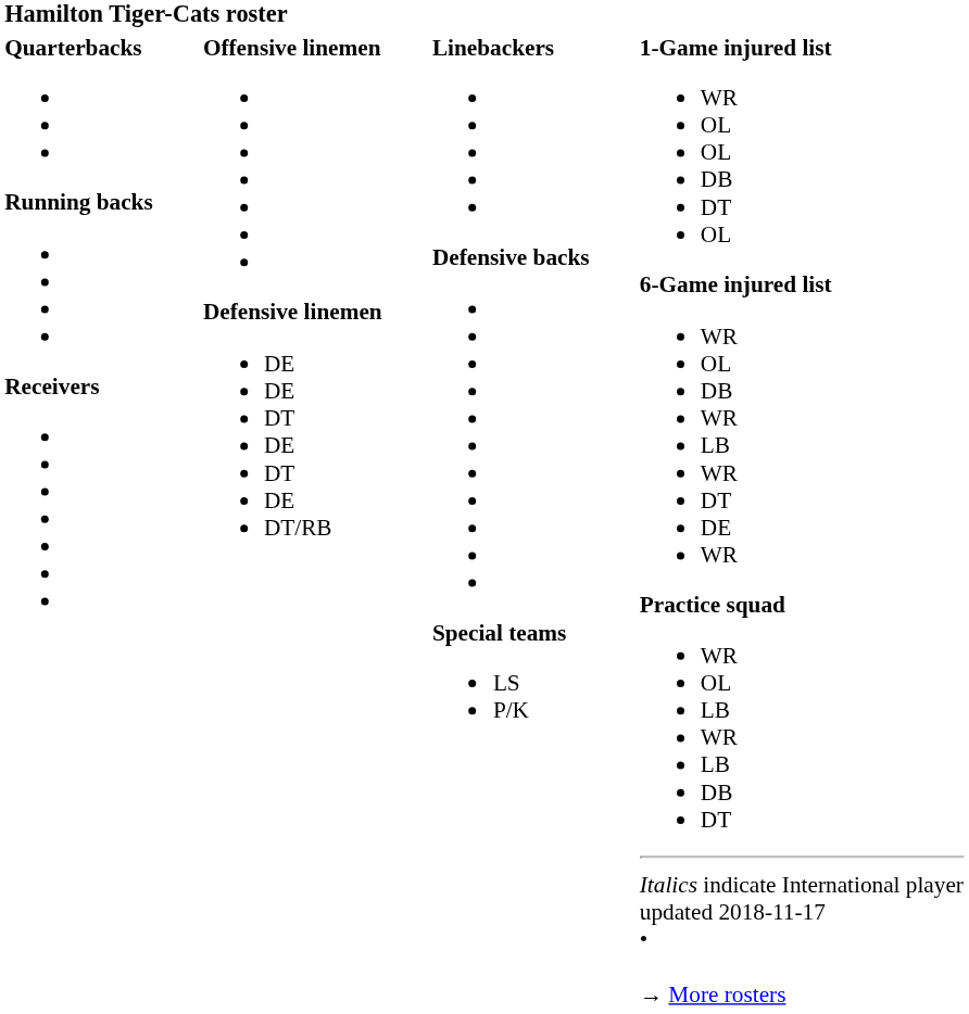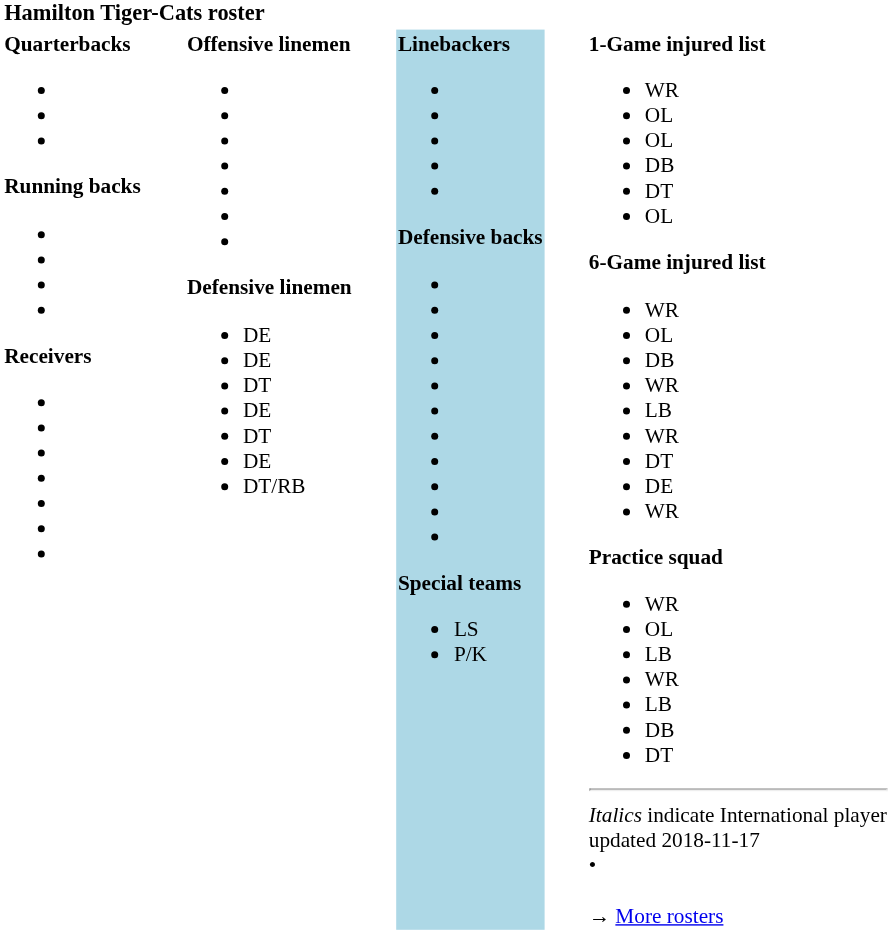 <table class="toccolours" style="text-align: left;">
 <tr>
 <th colspan="7">Hamilton Tiger-Cats roster</th>
 </tr>
 <tr>
 <td style="font-size: 95%;vertical-align:top;"><strong>Quarterbacks</strong><br><ul><li></li><li></li><li></li></ul><strong>Running backs</strong><ul><li></li><li></li><li></li><li></li></ul><strong>Receivers</strong><ul><li></li><li></li><li></li><li></li><li></li><li></li><li></li></ul></td>
 <td style="width: 25px;"></td>
 <td style="font-size: 95%;vertical-align:top;"><strong>Offensive linemen</strong><br><ul><li></li><li></li><li></li><li></li><li></li><li></li><li></li></ul><strong>Defensive linemen</strong><ul><li> DE</li><li> DE</li><li> DT</li><li> DE</li><li> DT</li><li> DE</li><li> DT/RB</li></ul></td>
 <td style="width: 25px;"></td>
-<td style="font-size: 95%;vertical-align:top;"><strong>Linebackers</strong><br><ul><li></li><li></li><li></li><li></li><li></li></ul><strong>Defensive backs</strong><ul><li></li><li></li><li></li><li></li><li></li><li></li><li></li><li></li><li></li><li></li><li></li></ul><strong>Special teams</strong><ul><li> LS</li><li> P/K</li></ul></td>
+<td style="background: lightblue; font-size: 95%;vertical-align:top;"><strong>Linebackers</strong><br><ul><li></li><li></li><li></li><li></li><li></li></ul><strong>Defensive backs</strong><ul><li></li><li></li><li></li><li></li><li></li><li></li><li></li><li></li><li></li><li></li><li></li></ul><strong>Special teams</strong><ul><li> LS</li><li> P/K</li></ul></td>
 <td style="width: 25px;"></td>
 <td style="font-size: 95%;vertical-align:top;"><strong>1-Game injured list</strong><br><ul><li> WR</li><li> OL</li><li> OL</li><li> DB</li><li> DT</li><li> OL</li></ul><strong>6-Game injured list</strong><ul><li> WR</li><li> OL</li><li> DB</li><li> WR</li><li> LB</li><li> WR</li><li> DT</li><li> DE</li><li> WR</li></ul><strong>Practice squad</strong><ul><li> WR</li><li> OL</li><li> LB</li><li> WR</li><li> LB</li><li> DB</li><li> DT</li></ul><hr> <em>Italics</em> indicate International player<br> <span></span> updated 2018-11-17<br> <span></span> • <span></span><br> <br>→ <a href='#'>More rosters</a></td>
 </tr>
 <tr>
 </tr>
 </table>
